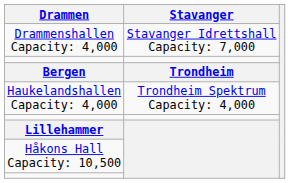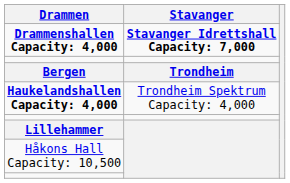 <table class="wikitable" style="text-align:center;">
 <tr>
 <th><a href='#'>Drammen</a></th>
 <th><a href='#'>Stavanger</a></th>
 <th rowspan=9></th>
 </tr>
 <tr>
-<td><a href='#'>Drammenshallen</a><br>Capacity: 4,000</td>
-<td><a href='#'>Stavanger Idrettshall</a><br>Capacity: 7,000</td>
+<td><strong><a href='#'>Drammenshallen</a><br>Capacity: 4,000</strong></td>
+<td><strong><a href='#'>Stavanger Idrettshall</a><br>Capacity: 7,000</strong></td>
 </tr>
 <tr>
 <td></td>
 <td></td>
 </tr>
 <tr>
 <th><a href='#'>Bergen</a></th>
 <th><a href='#'>Trondheim</a></th>
 </tr>
 <tr>
-<td><a href='#'>Haukelandshallen</a><br>Capacity: 4,000</td>
+<td><strong><a href='#'>Haukelandshallen</a><br>Capacity: 4,000</strong></td>
 <td><a href='#'>Trondheim Spektrum</a><br>Capacity: 4,000</td>
 </tr>
 <tr>
 <td></td>
 <td></td>
 </tr>
 <tr>
 <th><a href='#'>Lillehammer</a></th>
 <th rowspan=3></th>
 </tr>
 <tr>
 <td><a href='#'>Håkons Hall</a><br>Capacity: 10,500</td>
 </tr>
 <tr>
 <td></td>
 </tr>
 </table>
